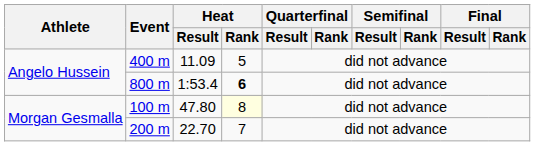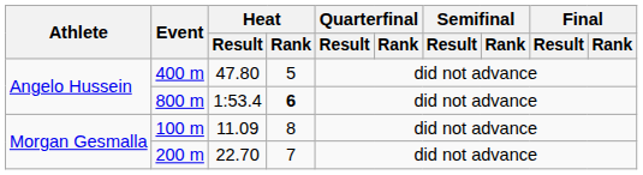 <table class="wikitable" style="font-size:90%">
 <tr>
 <th rowspan="2">Athlete</th>
 <th rowspan="2">Event</th>
 <th colspan="2">Heat</th>
 <th colspan="2">Quarterfinal</th>
 <th colspan="2">Semifinal</th>
 <th colspan="2">Final</th>
 </tr>
 <tr style="font-size:95%">
 <th>Result</th>
 <th>Rank</th>
 <th>Result</th>
 <th>Rank</th>
 <th>Result</th>
 <th>Rank</th>
 <th>Result</th>
 <th>Rank</th>
 </tr>
 <tr align=center>
 <td align=left rowspan=2><a href='#'>Angelo Hussein</a></td>
 <td align=left><a href='#'>400 m</a></td>
-<td>11.09</td>
+<td>47.80</td>
 <td>5</td>
 <td colspan=6>did not advance</td>
 </tr>
 <tr align=center>
 <td align=left><a href='#'>800 m</a></td>
 <td>1:53.4</td>
 <td><strong>6</strong></td>
 <td colspan=6>did not advance</td>
 </tr>
 <tr align=center>
 <td align=left rowspan=2><a href='#'>Morgan Gesmalla</a></td>
 <td align=left><a href='#'>100 m</a></td>
-<td>47.80</td>
-<td style="background: lightyellow;">8</td>
+<td>11.09</td>
+<td>8</td>
 <td colspan=6>did not advance</td>
 </tr>
 <tr align=center>
 <td align=left><a href='#'>200 m</a></td>
 <td>22.70</td>
 <td>7</td>
 <td colspan=6>did not advance</td>
 </tr>
 </table>
